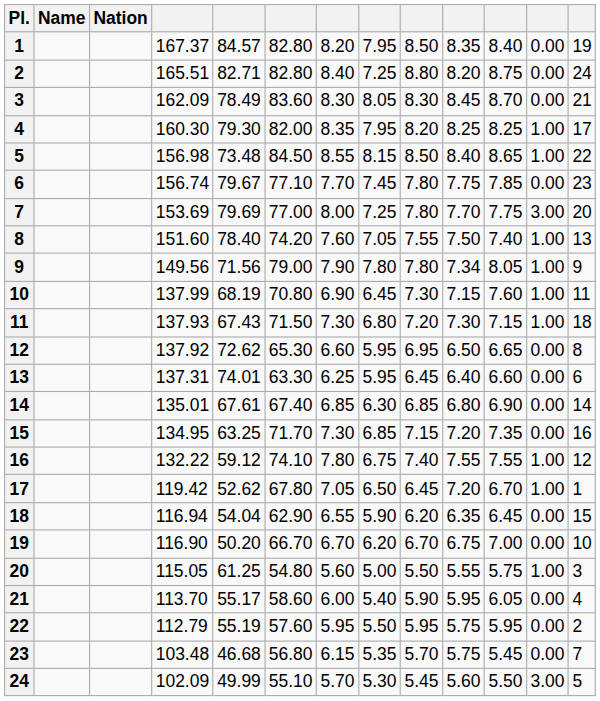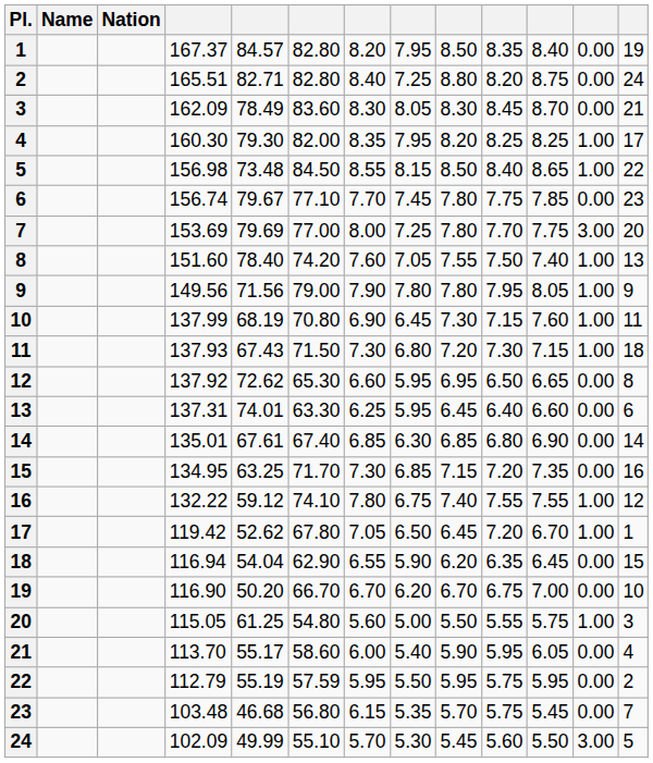 <table class="wikitable sortable">
 <tr>
 <th>Pl.</th>
 <th>Name</th>
 <th>Nation</th>
 <th></th>
 <th></th>
 <th></th>
 <th></th>
 <th></th>
 <th></th>
 <th></th>
 <th></th>
 <th></th>
 <th></th>
 </tr>
 <tr>
 <th>1</th>
 <td></td>
 <td></td>
 <td>167.37</td>
 <td>84.57</td>
 <td>82.80</td>
 <td>8.20</td>
 <td>7.95</td>
 <td>8.50</td>
 <td>8.35</td>
 <td>8.40</td>
 <td>0.00</td>
 <td>19</td>
 </tr>
 <tr>
 <th>2</th>
 <td></td>
 <td></td>
 <td>165.51</td>
 <td>82.71</td>
 <td>82.80</td>
 <td>8.40</td>
 <td>7.25</td>
 <td>8.80</td>
 <td>8.20</td>
 <td>8.75</td>
 <td>0.00</td>
 <td>24</td>
 </tr>
 <tr>
 <th>3</th>
 <td></td>
 <td></td>
 <td>162.09</td>
 <td>78.49</td>
 <td>83.60</td>
 <td>8.30</td>
 <td>8.05</td>
 <td>8.30</td>
 <td>8.45</td>
 <td>8.70</td>
 <td>0.00</td>
 <td>21</td>
 </tr>
 <tr>
 <th>4</th>
 <td></td>
 <td></td>
 <td>160.30</td>
 <td>79.30</td>
 <td>82.00</td>
 <td>8.35</td>
 <td>7.95</td>
 <td>8.20</td>
 <td>8.25</td>
 <td>8.25</td>
 <td>1.00</td>
 <td>17</td>
 </tr>
 <tr>
 <th>5</th>
 <td></td>
 <td></td>
 <td>156.98</td>
 <td>73.48</td>
 <td>84.50</td>
 <td>8.55</td>
 <td>8.15</td>
 <td>8.50</td>
 <td>8.40</td>
 <td>8.65</td>
 <td>1.00</td>
 <td>22</td>
 </tr>
 <tr>
 <th>6</th>
 <td></td>
 <td></td>
 <td>156.74</td>
 <td>79.67</td>
 <td>77.10</td>
 <td>7.70</td>
 <td>7.45</td>
 <td>7.80</td>
 <td>7.75</td>
 <td>7.85</td>
 <td>0.00</td>
 <td>23</td>
 </tr>
 <tr>
 <th>7</th>
 <td></td>
 <td></td>
 <td>153.69</td>
 <td>79.69</td>
 <td>77.00</td>
 <td>8.00</td>
 <td>7.25</td>
 <td>7.80</td>
 <td>7.70</td>
 <td>7.75</td>
 <td>3.00</td>
 <td>20</td>
 </tr>
 <tr>
 <th>8</th>
 <td></td>
 <td></td>
 <td>151.60</td>
 <td>78.40</td>
 <td>74.20</td>
 <td>7.60</td>
 <td>7.05</td>
 <td>7.55</td>
 <td>7.50</td>
 <td>7.40</td>
 <td>1.00</td>
 <td>13</td>
 </tr>
 <tr>
 <th>9</th>
 <td></td>
 <td></td>
 <td>149.56</td>
 <td>71.56</td>
 <td>79.00</td>
 <td>7.90</td>
 <td>7.80</td>
 <td>7.80</td>
-<td>7.34</td>
+<td>7.95</td>
 <td>8.05</td>
 <td>1.00</td>
 <td>9</td>
 </tr>
 <tr>
 <th>10</th>
 <td></td>
 <td></td>
 <td>137.99</td>
 <td>68.19</td>
 <td>70.80</td>
 <td>6.90</td>
 <td>6.45</td>
 <td>7.30</td>
 <td>7.15</td>
 <td>7.60</td>
 <td>1.00</td>
 <td>11</td>
 </tr>
 <tr>
 <th>11</th>
 <td></td>
 <td></td>
 <td>137.93</td>
 <td>67.43</td>
 <td>71.50</td>
 <td>7.30</td>
 <td>6.80</td>
 <td>7.20</td>
 <td>7.30</td>
 <td>7.15</td>
 <td>1.00</td>
 <td>18</td>
 </tr>
 <tr>
 <th>12</th>
 <td></td>
 <td></td>
 <td>137.92</td>
 <td>72.62</td>
 <td>65.30</td>
 <td>6.60</td>
 <td>5.95</td>
 <td>6.95</td>
 <td>6.50</td>
 <td>6.65</td>
 <td>0.00</td>
 <td>8</td>
 </tr>
 <tr>
 <th>13</th>
 <td></td>
 <td></td>
 <td>137.31</td>
 <td>74.01</td>
 <td>63.30</td>
 <td>6.25</td>
 <td>5.95</td>
 <td>6.45</td>
 <td>6.40</td>
 <td>6.60</td>
 <td>0.00</td>
 <td>6</td>
 </tr>
 <tr>
 <th>14</th>
 <td></td>
 <td></td>
 <td>135.01</td>
 <td>67.61</td>
 <td>67.40</td>
 <td>6.85</td>
 <td>6.30</td>
 <td>6.85</td>
 <td>6.80</td>
 <td>6.90</td>
 <td>0.00</td>
 <td>14</td>
 </tr>
 <tr>
 <th>15</th>
 <td></td>
 <td></td>
 <td>134.95</td>
 <td>63.25</td>
 <td>71.70</td>
 <td>7.30</td>
 <td>6.85</td>
 <td>7.15</td>
 <td>7.20</td>
 <td>7.35</td>
 <td>0.00</td>
 <td>16</td>
 </tr>
 <tr>
 <th>16</th>
 <td></td>
 <td></td>
 <td>132.22</td>
 <td>59.12</td>
 <td>74.10</td>
 <td>7.80</td>
 <td>6.75</td>
 <td>7.40</td>
 <td>7.55</td>
 <td>7.55</td>
 <td>1.00</td>
 <td>12</td>
 </tr>
 <tr>
 <th>17</th>
 <td></td>
 <td></td>
 <td>119.42</td>
 <td>52.62</td>
 <td>67.80</td>
 <td>7.05</td>
 <td>6.50</td>
 <td>6.45</td>
 <td>7.20</td>
 <td>6.70</td>
 <td>1.00</td>
 <td>1</td>
 </tr>
 <tr>
 <th>18</th>
 <td></td>
 <td></td>
 <td>116.94</td>
 <td>54.04</td>
 <td>62.90</td>
 <td>6.55</td>
 <td>5.90</td>
 <td>6.20</td>
 <td>6.35</td>
 <td>6.45</td>
 <td>0.00</td>
 <td>15</td>
 </tr>
 <tr>
 <th>19</th>
 <td></td>
 <td></td>
 <td>116.90</td>
 <td>50.20</td>
 <td>66.70</td>
 <td>6.70</td>
 <td>6.20</td>
 <td>6.70</td>
 <td>6.75</td>
 <td>7.00</td>
 <td>0.00</td>
 <td>10</td>
 </tr>
 <tr>
 <th>20</th>
 <td></td>
 <td></td>
 <td>115.05</td>
 <td>61.25</td>
 <td>54.80</td>
 <td>5.60</td>
 <td>5.00</td>
 <td>5.50</td>
 <td>5.55</td>
 <td>5.75</td>
 <td>1.00</td>
 <td>3</td>
 </tr>
 <tr>
 <th>21</th>
 <td></td>
 <td></td>
 <td>113.70</td>
 <td>55.17</td>
 <td>58.60</td>
 <td>6.00</td>
 <td>5.40</td>
 <td>5.90</td>
 <td>5.95</td>
 <td>6.05</td>
 <td>0.00</td>
 <td>4</td>
 </tr>
 <tr>
 <th>22</th>
 <td></td>
 <td></td>
 <td>112.79</td>
 <td>55.19</td>
-<td>57.60</td>
+<td>57.59</td>
 <td>5.95</td>
 <td>5.50</td>
 <td>5.95</td>
 <td>5.75</td>
 <td>5.95</td>
 <td>0.00</td>
 <td>2</td>
 </tr>
 <tr>
 <th>23</th>
 <td></td>
 <td></td>
 <td>103.48</td>
 <td>46.68</td>
 <td>56.80</td>
 <td>6.15</td>
 <td>5.35</td>
 <td>5.70</td>
 <td>5.75</td>
 <td>5.45</td>
 <td>0.00</td>
 <td>7</td>
 </tr>
 <tr>
 <th>24</th>
 <td></td>
 <td></td>
 <td>102.09</td>
 <td>49.99</td>
 <td>55.10</td>
 <td>5.70</td>
 <td>5.30</td>
 <td>5.45</td>
 <td>5.60</td>
 <td>5.50</td>
 <td>3.00</td>
 <td>5</td>
 </tr>
 </table>
